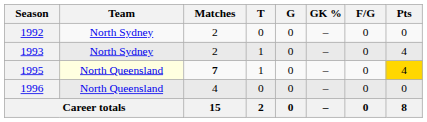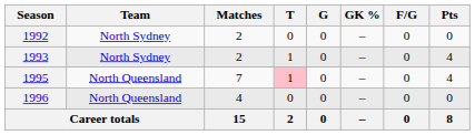 <table class="wikitable sortable"  style="font-size:90%; text-align:center; width:85%;">
 <tr>
 <th width=2%>Season</th>
 <th width=8%>Team</th>
 <th width=2%>Matches</th>
 <th width=2%>T</th>
 <th width=2%>G</th>
 <th width=2%>GK %</th>
 <th width=2%>F/G</th>
 <th width=2%>Pts</th>
 </tr>
 <tr>
 <th scope="row" style="text-align:center; font-weight:normal"><a href='#'>1992</a></th>
 <td style="text-align:center;"> <a href='#'>North Sydney</a></td>
 <td>2</td>
 <td>0</td>
 <td>0</td>
 <td>–</td>
 <td>0</td>
 <td>0</td>
 </tr>
 <tr style="background-color: #EAEAEA">
 <th scope="row" style="text-align:center; font-weight:normal"><a href='#'>1993</a></th>
 <td style="text-align:center;"> <a href='#'>North Sydney</a></td>
 <td>2</td>
 <td>1</td>
 <td>0</td>
 <td>–</td>
 <td>0</td>
 <td>4</td>
 </tr>
 <tr>
 <th scope="row" style="text-align:center; font-weight:normal"><a href='#'>1995</a></th>
-<td style="background: lightyellow; text-align:center;"> <a href='#'>North Queensland</a></td>
-<td><strong>7</strong></td>
-<td>1</td>
+<td style="text-align:center;"> <a href='#'>North Queensland</a></td>
+<td>7</td>
+<td style="background: pink;">1</td>
 <td>0</td>
 <td>–</td>
 <td>0</td>
-<td style="background: gold;">4</td>
+<td>4</td>
 </tr>
 <tr style="background-color: #EAEAEA">
 <th scope="row" style="text-align:center; font-weight:normal"><a href='#'>1996</a></th>
 <td style="text-align:center;"> <a href='#'>North Queensland</a></td>
 <td>4</td>
 <td>0</td>
 <td>0</td>
 <td>–</td>
 <td>0</td>
 <td>0</td>
 </tr>
 <tr class="sortbottom">
 <th colspan=2>Career totals</th>
 <th>15</th>
 <th>2</th>
 <th>0</th>
 <th>–</th>
 <th>0</th>
 <th>8</th>
 </tr>
 </table>
